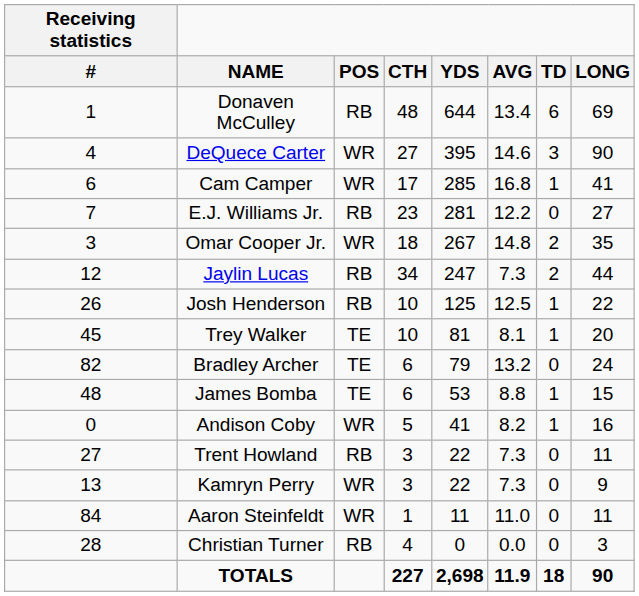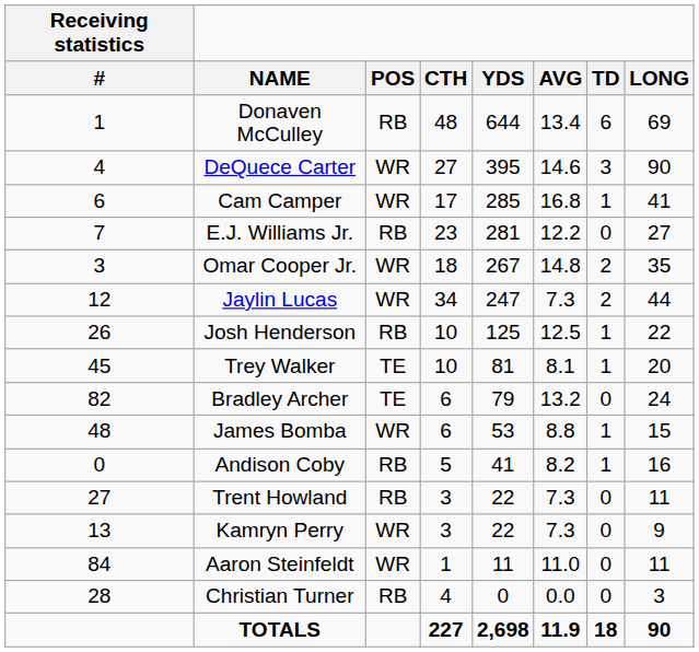 <table style="width:60%; text-align:center;" class="wikitable collapsible collapsed">
 <tr>
 <th style="text-align:center; ">Receiving statistics</th>
 </tr>
 <tr>
 <th>#</th>
 <th>NAME</th>
 <th>POS</th>
 <th>CTH</th>
 <th>YDS</th>
 <th>AVG</th>
 <th>TD</th>
 <th>LONG</th>
 </tr>
 <tr>
 <td>1</td>
 <td>Donaven McCulley</td>
 <td>RB</td>
 <td>48</td>
 <td>644</td>
 <td>13.4</td>
 <td>6</td>
 <td>69</td>
 </tr>
 <tr>
 <td>4</td>
 <td><a href='#'>DeQuece Carter</a></td>
 <td>WR</td>
 <td>27</td>
 <td>395</td>
 <td>14.6</td>
 <td>3</td>
 <td>90</td>
 </tr>
 <tr>
 <td>6</td>
 <td>Cam Camper</td>
 <td>WR</td>
 <td>17</td>
 <td>285</td>
 <td>16.8</td>
 <td>1</td>
 <td>41</td>
 </tr>
 <tr>
 <td>7</td>
 <td>E.J. Williams Jr.</td>
 <td>RB</td>
 <td>23</td>
 <td>281</td>
 <td>12.2</td>
 <td>0</td>
 <td>27</td>
 </tr>
 <tr>
 <td>3</td>
 <td>Omar Cooper Jr.</td>
 <td>WR</td>
 <td>18</td>
 <td>267</td>
 <td>14.8</td>
 <td>2</td>
 <td>35</td>
 </tr>
 <tr>
 <td>12</td>
 <td><a href='#'>Jaylin Lucas</a></td>
-<td>RB</td>
+<td>WR</td>
 <td>34</td>
 <td>247</td>
 <td>7.3</td>
 <td>2</td>
 <td>44</td>
 </tr>
 <tr>
 <td>26</td>
 <td>Josh Henderson</td>
 <td>RB</td>
 <td>10</td>
 <td>125</td>
 <td>12.5</td>
 <td>1</td>
 <td>22</td>
 </tr>
 <tr>
 <td>45</td>
 <td>Trey Walker</td>
 <td>TE</td>
 <td>10</td>
 <td>81</td>
 <td>8.1</td>
 <td>1</td>
 <td>20</td>
 </tr>
 <tr>
 <td>82</td>
 <td>Bradley Archer</td>
 <td>TE</td>
 <td>6</td>
 <td>79</td>
 <td>13.2</td>
 <td>0</td>
 <td>24</td>
 </tr>
 <tr>
 <td>48</td>
 <td>James Bomba</td>
-<td>TE</td>
+<td>WR</td>
 <td>6</td>
 <td>53</td>
 <td>8.8</td>
 <td>1</td>
 <td>15</td>
 </tr>
 <tr>
 <td>0</td>
 <td>Andison Coby</td>
-<td>WR</td>
+<td>RB</td>
 <td>5</td>
 <td>41</td>
 <td>8.2</td>
 <td>1</td>
 <td>16</td>
 </tr>
 <tr>
 <td>27</td>
 <td>Trent Howland</td>
 <td>RB</td>
 <td>3</td>
 <td>22</td>
 <td>7.3</td>
 <td>0</td>
 <td>11</td>
 </tr>
 <tr>
 <td>13</td>
 <td>Kamryn Perry</td>
 <td>WR</td>
 <td>3</td>
 <td>22</td>
 <td>7.3</td>
 <td>0</td>
 <td>9</td>
 </tr>
 <tr>
 <td>84</td>
 <td>Aaron Steinfeldt</td>
 <td>WR</td>
 <td>1</td>
 <td>11</td>
 <td>11.0</td>
 <td>0</td>
 <td>11</td>
 </tr>
 <tr>
 <td>28</td>
 <td>Christian Turner</td>
 <td>RB</td>
 <td>4</td>
 <td>0</td>
 <td>0.0</td>
 <td>0</td>
 <td>3</td>
 </tr>
 <tr>
 <td></td>
 <td><strong>TOTALS</strong></td>
 <td></td>
 <td><strong>227</strong></td>
 <td><strong>2,698</strong></td>
 <td><strong>11.9</strong></td>
 <td><strong>18</strong></td>
 <td><strong>90</strong></td>
 </tr>
 </table>
